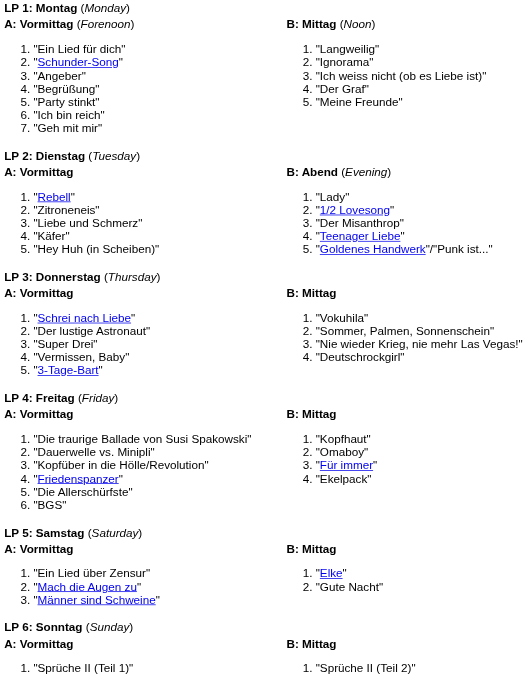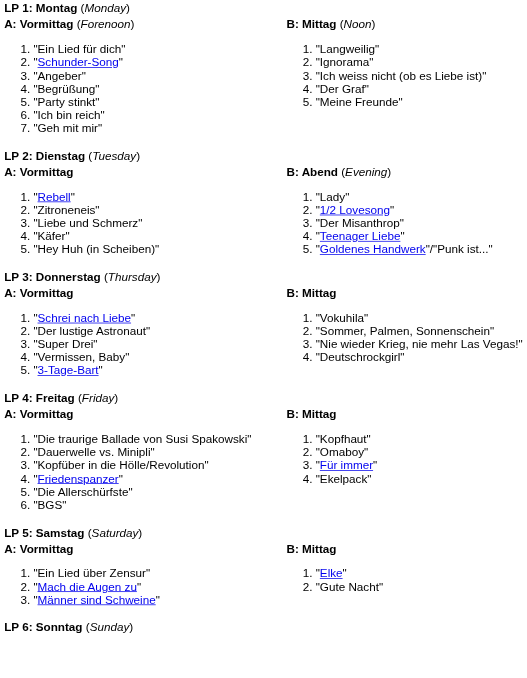 <table width="60%">
 <tr>
 <td><strong>LP 1: Montag</strong> (<em>Monday</em>)</td>
 </tr>
 <tr valign="top">
 <td><strong>A: Vormittag</strong> (<em>Forenoon</em>)<br><ol><li>"Ein Lied für dich"</li><li>"<a href='#'>Schunder-Song</a>"</li><li>"Angeber"</li><li>"Begrüßung"</li><li>"Party stinkt"</li><li>"Ich bin reich"</li><li>"Geh mit mir"</li></ol></td>
 <td><strong>B: Mittag</strong> (<em>Noon</em>)<br><ol><li>"Langweilig"</li><li>"Ignorama"</li><li>"Ich weiss nicht (ob es Liebe ist)"</li><li>"Der Graf"</li><li>"Meine Freunde"</li></ol></td>
 </tr>
 <tr>
 <td><strong>LP 2: Dienstag</strong> (<em>Tuesday</em>)</td>
 </tr>
 <tr valign="top">
 <td><strong>A: Vormittag</strong><br><ol><li>"<a href='#'>Rebell</a>"</li><li>"Zitroneneis"</li><li>"Liebe und Schmerz"</li><li>"Käfer"</li><li>"Hey Huh (in Scheiben)"</li></ol></td>
 <td><strong>B: Abend</strong> (<em>Evening</em>)<br><ol><li>"Lady"</li><li>"<a href='#'>1/2 Lovesong</a>"</li><li>"Der Misanthrop"</li><li>"<a href='#'>Teenager Liebe</a>"</li><li>"<a href='#'>Goldenes Handwerk</a>"/"Punk ist..."</li></ol></td>
 </tr>
 <tr>
 <td><strong>LP 3: Donnerstag</strong> (<em>Thursday</em>)</td>
 </tr>
 <tr valign="top">
 <td><strong>A: Vormittag</strong><br><ol><li>"<a href='#'>Schrei nach Liebe</a>"</li><li>"Der lustige Astronaut"</li><li>"Super Drei"</li><li>"Vermissen, Baby"</li><li>"<a href='#'>3-Tage-Bart</a>"</li></ol></td>
 <td><strong>B: Mittag</strong><br><ol><li>"Vokuhila"</li><li>"Sommer, Palmen, Sonnenschein"</li><li>"Nie wieder Krieg, nie mehr Las Vegas!"</li><li>"Deutschrockgirl"</li></ol></td>
 </tr>
 <tr>
 <td><strong>LP 4: Freitag</strong> (<em>Friday</em>)</td>
 </tr>
 <tr valign="top">
 <td><strong>A: Vormittag</strong><br><ol><li>"Die traurige Ballade von Susi Spakowski"</li><li>"Dauerwelle vs. Minipli"</li><li>"Kopfüber in die Hölle/Revolution"</li><li>"<a href='#'>Friedenspanzer</a>"</li><li>"Die Allerschürfste"</li><li>"BGS"</li></ol></td>
 <td><strong>B: Mittag</strong><br><ol><li>"Kopfhaut"</li><li>"Omaboy"</li><li>"<a href='#'>Für immer</a>"</li><li>"Ekelpack"</li></ol></td>
 </tr>
 <tr>
 <td><strong>LP 5: Samstag</strong> (<em>Saturday</em>)</td>
 </tr>
 <tr valign="top">
 <td><strong>A: Vormittag</strong><br><ol><li>"Ein Lied über Zensur"</li><li>"<a href='#'>Mach die Augen zu</a>"</li><li>"<a href='#'>Männer sind Schweine</a>"</li></ol></td>
 <td><strong>B: Mittag</strong><br><ol><li>"<a href='#'>Elke</a>"</li><li>"Gute Nacht"</li></ol></td>
 </tr>
 <tr>
 <td><strong>LP 6: Sonntag</strong> (<em>Sunday</em>)</td>
 </tr>
-<tr valign="top">
-<td><strong>A: Vormittag</strong><br><ol><li>"Sprüche II (Teil 1)"</li></ol></td>
-<td><strong>B: Mittag</strong><br><ol><li>"Sprüche II (Teil 2)"</li></ol></td>
-</tr>
 </table>
